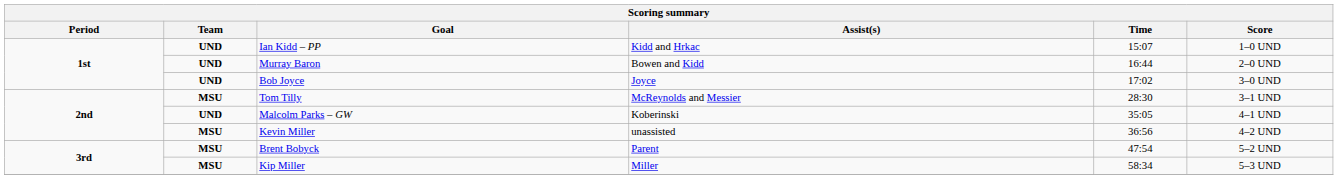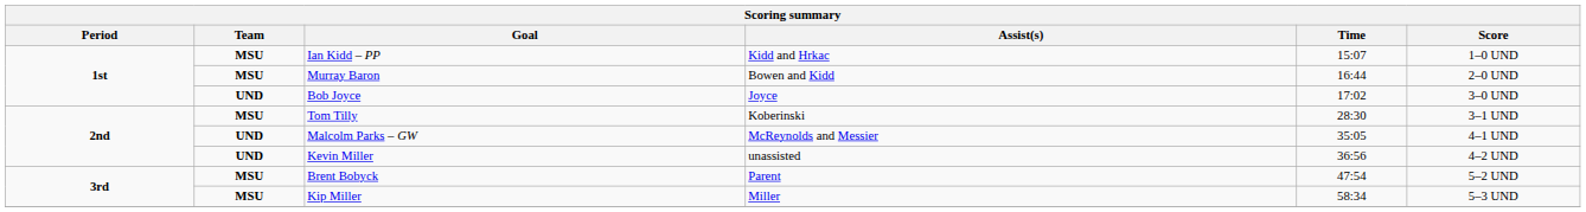 <table style="width:100%;" class="wikitable">
 <tr>
 <th colspan=6>Scoring summary</th>
 </tr>
 <tr>
 <th style="width:12%;">Period</th>
 <th style="width:7%;">Team</th>
 <th style="width:28%;">Goal</th>
 <th style="width:35%;">Assist(s)</th>
 <th style="width:7%;">Time</th>
 <th style="width:11%;">Score</th>
 </tr>
 <tr>
 <td style="text-align:center;" rowspan="3"><strong>1st</strong></td>
-<td align=center><strong>UND</strong></td>
+<td align=center><strong>MSU</strong></td>
 <td><a href='#'>Ian Kidd</a> – <em>PP</em></td>
 <td><a href='#'>Kidd</a> and <a href='#'>Hrkac</a></td>
 <td align=center>15:07</td>
 <td align=center>1–0 UND</td>
 </tr>
 <tr>
-<td align=center><strong>UND</strong></td>
+<td align=center><strong>MSU</strong></td>
 <td><a href='#'>Murray Baron</a></td>
 <td>Bowen and <a href='#'>Kidd</a></td>
 <td align=center>16:44</td>
 <td align=center>2–0 UND</td>
 </tr>
 <tr>
 <td align=center><strong>UND</strong></td>
 <td><a href='#'>Bob Joyce</a></td>
 <td><a href='#'>Joyce</a></td>
 <td align=center>17:02</td>
 <td align=center>3–0 UND</td>
 </tr>
 <tr>
 <td style="text-align:center;" rowspan="3"><strong>2nd</strong></td>
 <td align=center><strong>MSU</strong></td>
 <td><a href='#'>Tom Tilly</a></td>
-<td><a href='#'>McReynolds</a> and <a href='#'>Messier</a></td>
+<td>Koberinski</td>
 <td align=center>28:30</td>
 <td align=center>3–1 UND</td>
 </tr>
 <tr>
 <td align=center><strong>UND</strong></td>
 <td><a href='#'>Malcolm Parks</a> – <em>GW</em></td>
-<td>Koberinski</td>
+<td><a href='#'>McReynolds</a> and <a href='#'>Messier</a></td>
 <td align=center>35:05</td>
 <td align=center>4–1 UND</td>
 </tr>
 <tr>
-<td align=center><strong>MSU</strong></td>
+<td align=center><strong>UND</strong></td>
 <td><a href='#'>Kevin Miller</a></td>
 <td>unassisted</td>
 <td align=center>36:56</td>
 <td align=center>4–2 UND</td>
 </tr>
 <tr>
 <td style="text-align:center;" rowspan="2"><strong>3rd</strong></td>
 <td align=center><strong>MSU</strong></td>
 <td><a href='#'>Brent Bobyck</a></td>
 <td><a href='#'>Parent</a></td>
 <td align=center>47:54</td>
 <td align=center>5–2 UND</td>
 </tr>
 <tr>
 <td align=center><strong>MSU</strong></td>
 <td><a href='#'>Kip Miller</a></td>
 <td><a href='#'>Miller</a></td>
 <td align=center>58:34</td>
 <td align=center>5–3 UND</td>
 </tr>
 <tr>
 </tr>
 </table>
